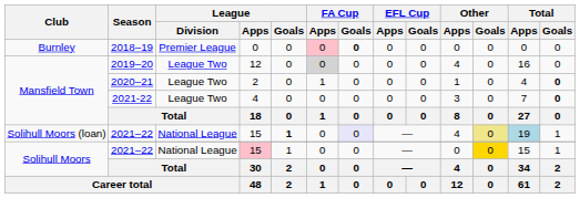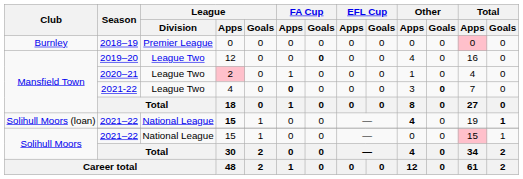 <table class="wikitable" style="text-align:center;">
 <tr>
 <th rowspan="2">Club</th>
 <th rowspan="2">Season</th>
 <th colspan="3">League</th>
 <th colspan="2"><a href='#'>FA Cup</a></th>
 <th colspan="2"><a href='#'>EFL Cup</a></th>
 <th colspan="2">Other</th>
 <th colspan="2">Total</th>
 </tr>
 <tr>
 <th>Division</th>
 <th>Apps</th>
 <th>Goals</th>
 <th>Apps</th>
 <th>Goals</th>
 <th>Apps</th>
 <th>Goals</th>
 <th>Apps</th>
 <th>Goals</th>
 <th>Apps</th>
 <th>Goals</th>
 </tr>
 <tr>
 <td><a href='#'>Burnley</a></td>
 <td><a href='#'>2018–19</a></td>
 <td><a href='#'>Premier League</a></td>
 <td>0</td>
 <td>0</td>
-<td style="background: pink;">0</td>
-<td><strong>0</strong></td>
 <td>0</td>
 <td>0</td>
 <td>0</td>
 <td>0</td>
 <td>0</td>
+<td>0</td>
+<td style="background: pink;">0</td>
 <td>0</td>
 </tr>
 <tr>
 <td rowspan="4"><a href='#'>Mansfield Town</a></td>
 <td><a href='#'>2019–20</a></td>
 <td><a href='#'>League Two</a></td>
 <td>12</td>
 <td>0</td>
-<td style="background: lightgrey;">0</td>
 <td>0</td>
+<td><strong>0</strong></td>
 <td>0</td>
 <td>0</td>
 <td>4</td>
 <td>0</td>
 <td>16</td>
 <td>0</td>
 </tr>
 <tr>
 <td><a href='#'>2020–21</a></td>
 <td>League Two</td>
-<td>2</td>
+<td style="background: pink;">2</td>
 <td>0</td>
 <td>1</td>
 <td>0</td>
 <td>0</td>
 <td>0</td>
 <td>1</td>
 <td>0</td>
 <td>4</td>
-<td><strong>0</strong></td>
+<td>0</td>
 </tr>
 <tr>
 <td><a href='#'>2021-22</a></td>
 <td>League Two</td>
 <td>4</td>
 <td>0</td>
-<td>0</td>
+<td><strong>0</strong></td>
 <td>0</td>
 <td>0</td>
 <td>0</td>
 <td>3</td>
+<td><strong>0</strong></td>
+<td>7</td>
 <td>0</td>
-<td>7</td>
-<td><strong>0</strong></td>
 </tr>
 <tr>
 <th colspan="2">Total</th>
 <th>18</th>
 <th>0</th>
 <th>1</th>
 <th>0</th>
 <th>0</th>
 <th>0</th>
 <th>8</th>
 <th>0</th>
 <th>27</th>
 <th>0</th>
 </tr>
 <tr>
 <td><a href='#'>Solihull Moors</a> (loan)</td>
 <td><a href='#'>2021–22</a></td>
 <td><a href='#'>National League</a></td>
-<td>15</td>
+<td><strong>15</strong></td>
+<td>1</td>
+<td>0</td>
+<td>0</td>
+<td colspan="2">—</td>
+<td><strong>4</strong></td>
+<td>0</td>
+<td>19</td>
 <td><strong>1</strong></td>
-<td>0</td>
-<td style="background: lavender;">0</td>
-<td colspan="2">—</td>
-<td>4</td>
-<td style="background: khaki;">0</td>
-<td style="background: lightblue;">19</td>
-<td>1</td>
 </tr>
 <tr>
 <td rowspan="3"><a href='#'>Solihull Moors</a></td>
 </tr>
 <tr>
 <td><a href='#'>2021–22</a></td>
 <td>National League</td>
-<td style="background: pink;">15</td>
+<td>15</td>
 <td>1</td>
 <td>0</td>
 <td>0</td>
 <td colspan="2">—</td>
 <td>0</td>
-<td style="background: gold;">0</td>
-<td>15</td>
+<td>0</td>
+<td style="background: pink;">15</td>
 <td>1</td>
 </tr>
 <tr>
 <th colspan="2">Total</th>
 <th>30</th>
 <th>2</th>
 <th>0</th>
 <th>0</th>
 <th colspan="2">—</th>
 <th>4</th>
 <th>0</th>
 <th>34</th>
 <th>2</th>
 </tr>
 <tr>
 <th colspan="3">Career total</th>
 <th>48</th>
 <th>2</th>
 <th>1</th>
 <th>0</th>
 <th>0</th>
 <th>0</th>
 <th>12</th>
 <th>0</th>
 <th>61</th>
 <th>2</th>
 </tr>
 </table>
